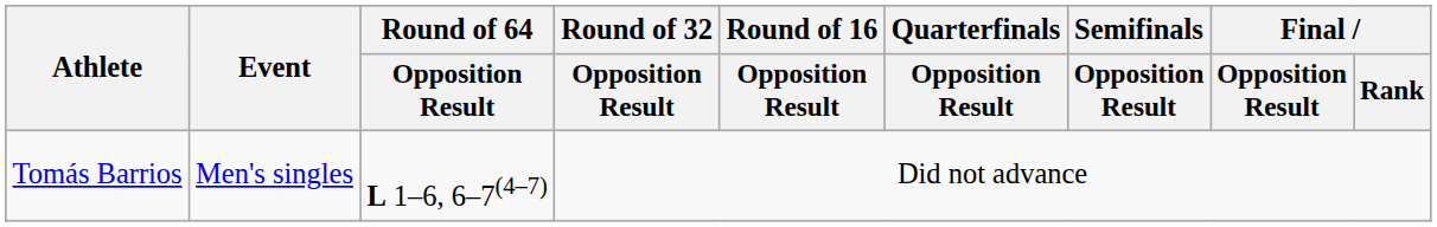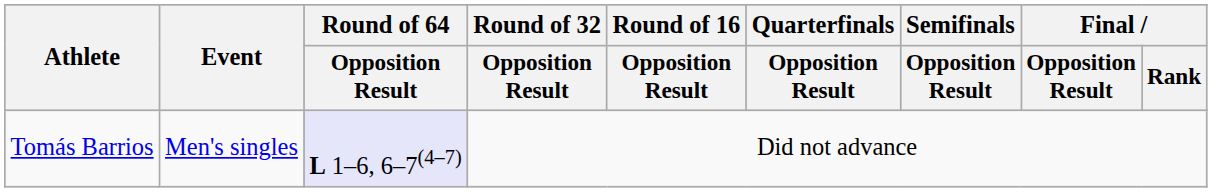 <table class="wikitable" style="font-size:90%;">
 <tr>
 <th rowspan=2>Athlete</th>
 <th rowspan=2>Event</th>
 <th>Round of 64</th>
 <th>Round of 32</th>
 <th>Round of 16</th>
 <th>Quarterfinals</th>
 <th>Semifinals</th>
 <th colspan=2>Final / </th>
 </tr>
 <tr style="font-size:95%">
 <th>Opposition<br>Result</th>
 <th>Opposition<br>Result</th>
 <th>Opposition<br>Result</th>
 <th>Opposition<br>Result</th>
 <th>Opposition<br>Result</th>
 <th>Opposition<br>Result</th>
 <th>Rank</th>
 </tr>
 <tr align=center>
 <td align=left><a href='#'>Tomás Barrios</a></td>
 <td align=left rowspan=2><a href='#'>Men's singles</a></td>
-<td><br><strong>L</strong> 1–6, 6–7<sup>(4–7)</sup></td>
+<td style="background: lavender;"><br><strong>L</strong> 1–6, 6–7<sup>(4–7)</sup></td>
 <td colspan=6>Did not advance</td>
 </tr>
 </table>
